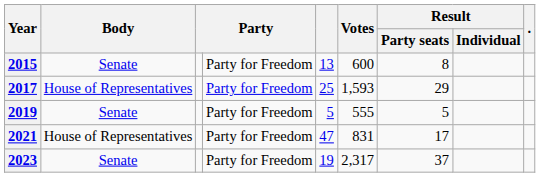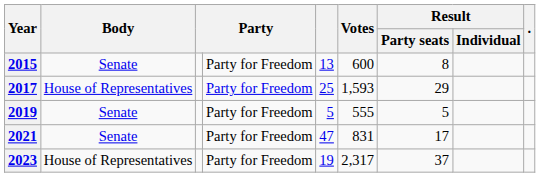 <table class="wikitable plainrowheaders sortable" border=2 cellpadding=4 cellspacing=0 style="border: 1px #aaa solid; font-size: 90%; text-align:center;">
 <tr>
 <th scope="col" rowspan=2>Year</th>
 <th scope="col" rowspan=2>Body</th>
 <th scope="col" colspan=2 rowspan=2>Party</th>
 <th scope="col" rowspan=2></th>
 <th scope="col" rowspan=2>Votes</th>
 <th scope="colgroup" colspan=2>Result</th>
 <th scope="col" rowspan=2 class="unsortable">.</th>
 </tr>
 <tr>
 <th scope="col">Party seats</th>
 <th scope="col">Individual</th>
 </tr>
 <tr>
 <th scope="row"><a href='#'>2015</a></th>
 <td><a href='#'>Senate</a></td>
 <td style="background-color:"></td>
 <td>Party for Freedom</td>
 <td style=text-align:right><a href='#'>13</a></td>
 <td style=text-align:right>600</td>
 <td style=text-align:right>8</td>
 <td></td>
 <td></td>
 </tr>
 <tr>
 <th scope="row"><a href='#'>2017</a></th>
 <td><a href='#'>House of Representatives</a></td>
 <td style="background-color:"></td>
 <td><a href='#'>Party for Freedom</a></td>
 <td style=text-align:right><a href='#'>25</a></td>
 <td style=text-align:right>1,593</td>
 <td style=text-align:right>29</td>
 <td></td>
 <td></td>
 </tr>
 <tr>
 <th scope="row"><a href='#'>2019</a></th>
 <td><a href='#'>Senate</a></td>
 <td style="background-color:"></td>
 <td>Party for Freedom</td>
 <td style=text-align:right><a href='#'>5</a></td>
 <td style=text-align:right>555</td>
 <td style=text-align:right>5</td>
 <td></td>
 <td></td>
 </tr>
 <tr>
 <th scope="row"><a href='#'>2021</a></th>
-<td>House of Representatives</td>
+<td><a href='#'>Senate</a></td>
 <td style="background-color:"></td>
 <td>Party for Freedom</td>
 <td style=text-align:right><a href='#'>47</a></td>
 <td style=text-align:right>831</td>
 <td style=text-align:right>17</td>
 <td></td>
 <td></td>
 </tr>
 <tr>
 <th scope="row"><a href='#'>2023</a></th>
-<td><a href='#'>Senate</a></td>
+<td>House of Representatives</td>
 <td style="background-color:"></td>
 <td>Party for Freedom</td>
 <td style=text-align:right><a href='#'>19</a></td>
 <td style=text-align:right>2,317</td>
 <td style=text-align:right>37</td>
 <td></td>
 <td></td>
 </tr>
 </table>
